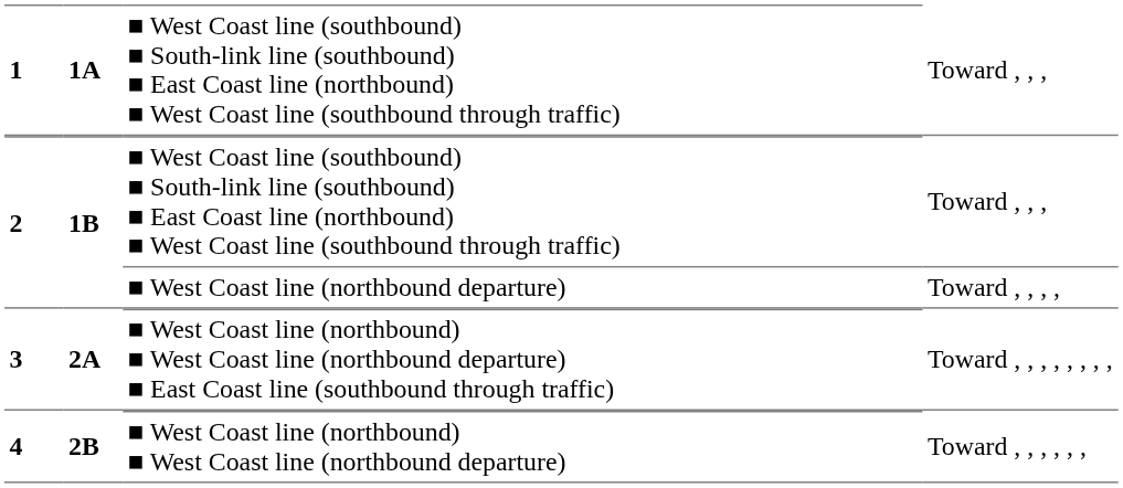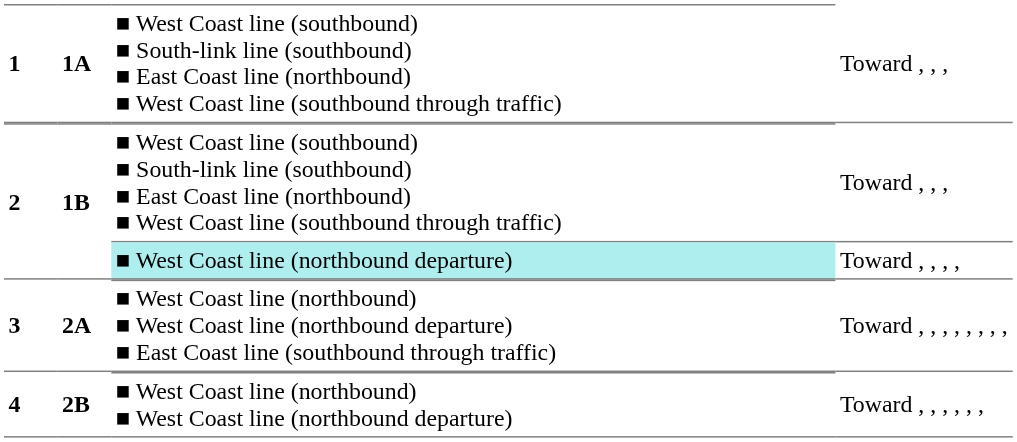 <table border=0 cellspacing=0 cellpadding=3>
 <tr>
 <td width=30 style="border-top:solid 1px gray; border-bottom:solid 1px gray;" rowspan=1><strong>1</strong></td>
 <td width=30 style="border-top:solid 1px gray; border-bottom:solid 1px gray;" rowspan=1><strong>1A</strong></td>
 <td width=480 style="border-top:solid 1px gray; border-bottom:solid 1px gray;"><span>■</span> West Coast line (southbound)<br><span>■</span> South-link line (southbound)<br><span>■</span> East Coast line (northbound)<br><span>■</span> West Coast line (southbound through traffic)</td>
 <td style="border-bottom:solid 1px gray;">Toward , , , </td>
 </tr>
 <tr>
 <td width=30 style="border-top:solid 1px gray; border-bottom:solid 1px gray;" rowspan=2><strong>2</strong></td>
 <td width=30 style="border-top:solid 1px gray; border-bottom:solid 1px gray;" rowspan=2><strong>1B</strong></td>
 <td width=480 style="border-top:solid 1px gray; border-bottom:solid 1px gray;"><span>■</span> West Coast line (southbound)<br><span>■</span> South-link line (southbound)<br><span>■</span> East Coast line (northbound)<br><span>■</span> West Coast line (southbound through traffic)</td>
 <td style="border-bottom:solid 1px gray;">Toward , , , </td>
 </tr>
 <tr>
-<td style="border-bottom:solid 1px gray;"><span>■</span> West Coast line (northbound departure)</td>
+<td style="background: paleturquoise; border-bottom:solid 1px gray;"><span>■</span> West Coast line (northbound departure)</td>
 <td style="border-bottom:solid 1px gray;">Toward , , , , </td>
 </tr>
 <tr>
 <td width=30 style="border-bottom:solid 1px gray;" rowspan=1><strong>3</strong></td>
 <td width=30 style="border-bottom:solid 1px gray;" rowspan=1><strong>2A</strong></td>
 <td width=480 style="border-top:solid 1px gray; border-bottom:solid 1px gray;"><span>■</span> West Coast line (northbound)<br><span>■</span> West Coast line (northbound departure)<br><span>■</span> East Coast line (southbound through traffic)</td>
 <td style="border-bottom:solid 1px gray;">Toward , , , , , , , , </td>
 </tr>
 <tr>
 <td width=30 style="border-bottom:solid 1px gray;" rowspan=1><strong>4</strong></td>
 <td width=30 style="border-bottom:solid 1px gray;" rowspan=1><strong>2B</strong></td>
 <td width=480 style="border-top:solid 1px gray; border-bottom:solid 1px gray;"><span>■</span> West Coast line (northbound)<br><span>■</span> West Coast line (northbound departure)</td>
 <td style="border-bottom:solid 1px gray;">Toward , , , , , , </td>
 </tr>
 </table>
